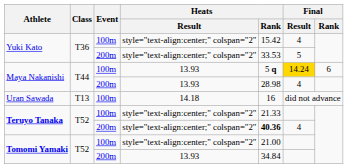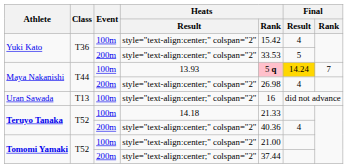 <table class=wikitable style="font-size:90%">
 <tr>
 <th rowspan="2">Athlete</th>
 <th rowspan="2">Class</th>
 <th rowspan="2">Event</th>
 <th colspan="2">Heats</th>
 <th colspan="2">Final</th>
 </tr>
 <tr>
 <th>Result</th>
 <th>Rank</th>
 <th>Result</th>
 <th>Rank</th>
 </tr>
 <tr>
 <td rowspan="2"><a href='#'>Yuki Kato</a></td>
 <td rowspan="2" style="text-align:center;">T36</td>
 <td><a href='#'>100m</a></td>
 <td>style="text-align:center;" colspan="2" </td>
 <td style="text-align:center;">15.42</td>
 <td style="text-align:center;">4</td>
 </tr>
 <tr>
 <td><a href='#'>200m</a></td>
 <td>style="text-align:center;" colspan="2" </td>
 <td style="text-align:center;">33.53</td>
 <td style="text-align:center;">5</td>
 </tr>
 <tr>
 <td rowspan="2"><a href='#'>Maya Nakanishi</a></td>
 <td rowspan="2" style="text-align:center;">T44</td>
 <td><a href='#'>100m</a></td>
 <td style="text-align:center;">13.93</td>
-<td style="text-align:center;">5 <strong>q</strong></td>
+<td style="background: pink; text-align:center;">5 <strong>q</strong></td>
 <td style="background: gold; text-align:center;">14.24</td>
-<td style="text-align:center;">6</td>
+<td style="text-align:center;">7</td>
 </tr>
 <tr>
 <td><a href='#'>200m</a></td>
-<td style="text-align:center;">13.93</td>
-<td style="text-align:center;">28.98</td>
+<td>style="text-align:center;" colspan="2" </td>
+<td style="text-align:center;">26.98</td>
 <td style="text-align:center;">4</td>
 </tr>
 <tr>
 <td><a href='#'>Uran Sawada</a></td>
 <td style="text-align:center;">T13</td>
 <td><a href='#'>100m</a></td>
-<td style="text-align:center;">14.18</td>
+<td>style="text-align:center;" colspan="2" </td>
 <td style="text-align:center;">16</td>
 <td style="text-align:center;" colspan="2">did not advance</td>
 </tr>
 <tr>
 <td rowspan="2"><strong><a href='#'>Teruyo Tanaka</a></strong></td>
 <td rowspan="2" style="text-align:center;">T52</td>
 <td><a href='#'>100m</a></td>
-<td>style="text-align:center;" colspan="2" </td>
+<td style="text-align:center;">14.18</td>
 <td style="text-align:center;">21.33</td>
 <td style="text-align:center;"></td>
 </tr>
 <tr>
 <td><a href='#'>200m</a></td>
 <td>style="text-align:center;" colspan="2" </td>
-<td style="text-align:center;"><strong>40.36</strong></td>
+<td style="text-align:center;">40.36</td>
 <td style="text-align:center;">4</td>
 </tr>
 <tr>
 <td rowspan="2"><strong><a href='#'>Tomomi Yamaki</a></strong></td>
 <td rowspan="2" style="text-align:center;">T52</td>
 <td><a href='#'>100m</a></td>
 <td>style="text-align:center;" colspan="2" </td>
 <td style="text-align:center;">21.00</td>
 <td style="text-align:center;"></td>
 </tr>
 <tr>
 <td><a href='#'>200m</a></td>
-<td style="text-align:center;">13.93</td>
-<td style="text-align:center;">34.84</td>
+<td>style="text-align:center;" colspan="2" </td>
+<td style="text-align:center;">37.44</td>
 <td style="text-align:center;"></td>
 </tr>
 </table>
